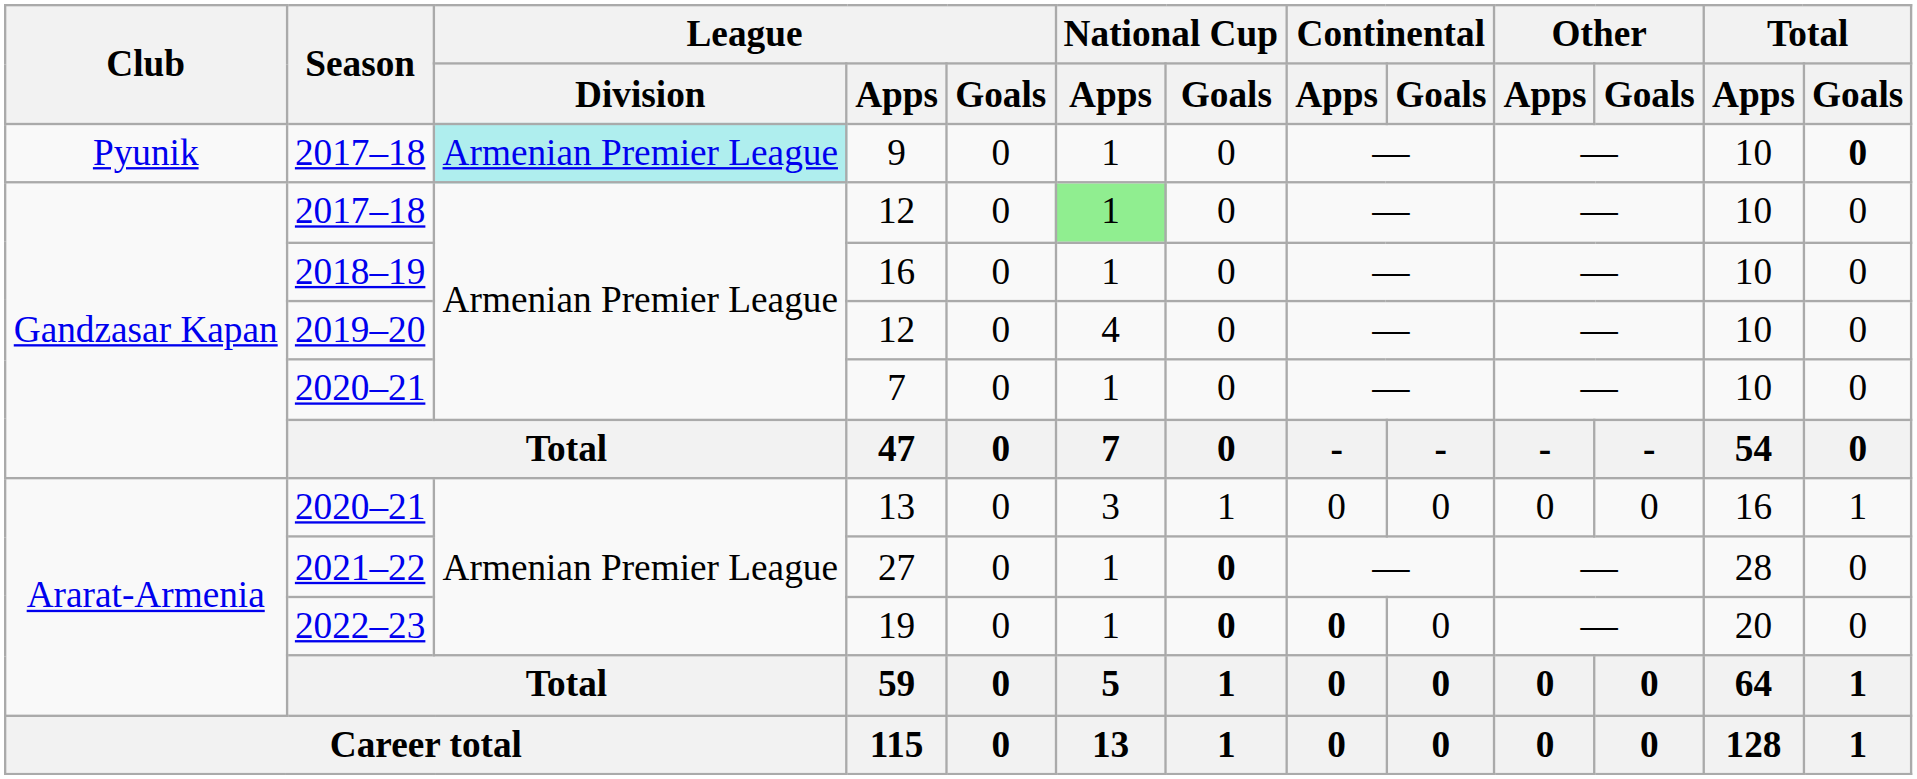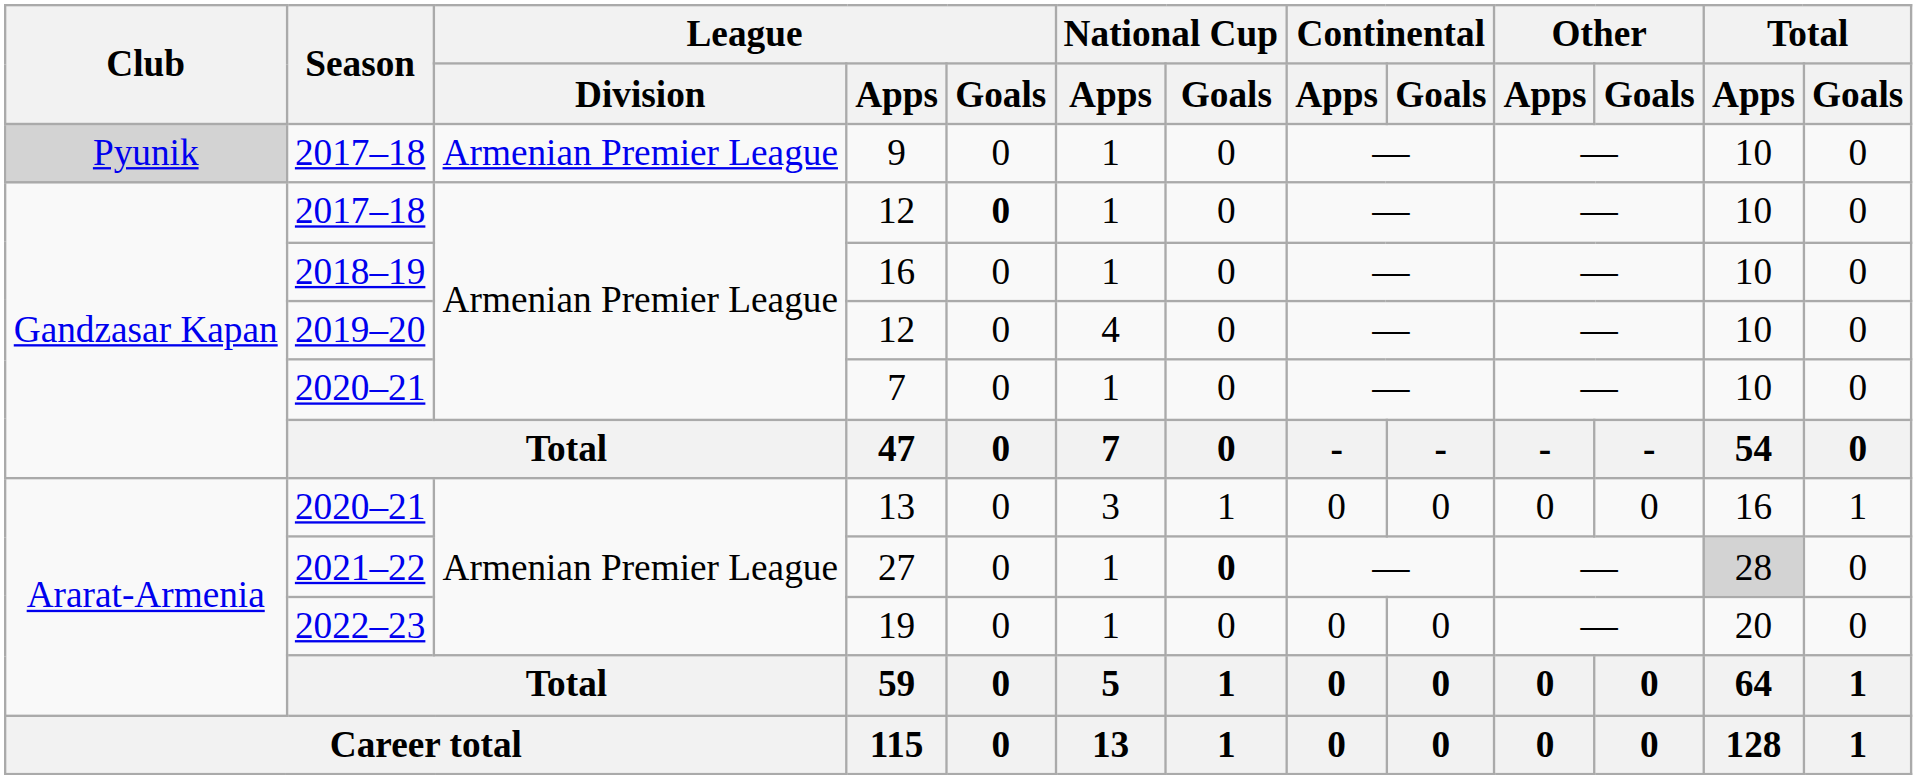 <table class="wikitable" style="text-align:center">
 <tr>
 <th rowspan="2">Club</th>
 <th rowspan="2">Season</th>
 <th colspan="3">League</th>
 <th colspan="2">National Cup</th>
 <th colspan="2">Continental</th>
 <th colspan="2">Other</th>
 <th colspan="2">Total</th>
 </tr>
 <tr>
 <th>Division</th>
 <th>Apps</th>
 <th>Goals</th>
 <th>Apps</th>
 <th>Goals</th>
 <th>Apps</th>
 <th>Goals</th>
 <th>Apps</th>
 <th>Goals</th>
 <th>Apps</th>
 <th>Goals</th>
 </tr>
 <tr>
-<td><a href='#'>Pyunik</a></td>
+<td style="background: lightgrey;"><a href='#'>Pyunik</a></td>
 <td><a href='#'>2017–18</a></td>
-<td style="background: paleturquoise;"><a href='#'>Armenian Premier League</a></td>
+<td><a href='#'>Armenian Premier League</a></td>
 <td>9</td>
 <td>0</td>
 <td>1</td>
 <td>0</td>
 <td colspan="2">—</td>
 <td colspan="2">—</td>
 <td>10</td>
-<td><strong>0</strong></td>
+<td>0</td>
 </tr>
 <tr>
 <td rowspan="5"><a href='#'>Gandzasar Kapan</a></td>
 <td><a href='#'>2017–18</a></td>
 <td rowspan="4">Armenian Premier League</td>
 <td>12</td>
-<td>0</td>
-<td style="background: lightgreen;">1</td>
+<td><strong>0</strong></td>
+<td>1</td>
 <td>0</td>
 <td colspan="2">—</td>
 <td colspan="2">—</td>
 <td>10</td>
 <td>0</td>
 </tr>
 <tr>
 <td><a href='#'>2018–19</a></td>
 <td>16</td>
 <td>0</td>
 <td>1</td>
 <td>0</td>
 <td colspan="2">—</td>
 <td colspan="2">—</td>
 <td>10</td>
 <td>0</td>
 </tr>
 <tr>
 <td><a href='#'>2019–20</a></td>
 <td>12</td>
 <td>0</td>
 <td>4</td>
 <td>0</td>
 <td colspan="2">—</td>
 <td colspan="2">—</td>
 <td>10</td>
 <td>0</td>
 </tr>
 <tr>
 <td><a href='#'>2020–21</a></td>
 <td>7</td>
 <td>0</td>
 <td>1</td>
 <td>0</td>
 <td colspan="2">—</td>
 <td colspan="2">—</td>
 <td>10</td>
 <td>0</td>
 </tr>
 <tr>
 <th colspan="2">Total</th>
 <th>47</th>
 <th>0</th>
 <th>7</th>
 <th>0</th>
 <th>-</th>
 <th>-</th>
 <th>-</th>
 <th>-</th>
 <th>54</th>
 <th>0</th>
 </tr>
 <tr>
 <td rowspan="4"><a href='#'>Ararat-Armenia</a></td>
 <td><a href='#'>2020–21</a></td>
 <td rowspan="3">Armenian Premier League</td>
 <td>13</td>
 <td>0</td>
 <td>3</td>
 <td>1</td>
 <td>0</td>
 <td>0</td>
 <td>0</td>
 <td>0</td>
 <td>16</td>
 <td>1</td>
 </tr>
 <tr>
 <td><a href='#'>2021–22</a></td>
 <td>27</td>
 <td>0</td>
 <td>1</td>
 <td><strong>0</strong></td>
 <td colspan="2">—</td>
 <td colspan="2">—</td>
-<td>28</td>
+<td style="background: lightgrey;">28</td>
 <td>0</td>
 </tr>
 <tr>
 <td><a href='#'>2022–23</a></td>
 <td>19</td>
 <td>0</td>
 <td>1</td>
-<td><strong>0</strong></td>
-<td><strong>0</strong></td>
+<td>0</td>
+<td>0</td>
 <td>0</td>
 <td colspan="2">—</td>
 <td>20</td>
 <td>0</td>
 </tr>
 <tr>
 <th colspan="2">Total</th>
 <th>59</th>
 <th>0</th>
 <th>5</th>
 <th>1</th>
 <th>0</th>
 <th>0</th>
 <th>0</th>
 <th>0</th>
 <th>64</th>
 <th>1</th>
 </tr>
 <tr>
 <th colspan="3">Career total</th>
 <th>115</th>
 <th>0</th>
 <th>13</th>
 <th>1</th>
 <th>0</th>
 <th>0</th>
 <th>0</th>
 <th>0</th>
 <th>128</th>
 <th>1</th>
 </tr>
 </table>
